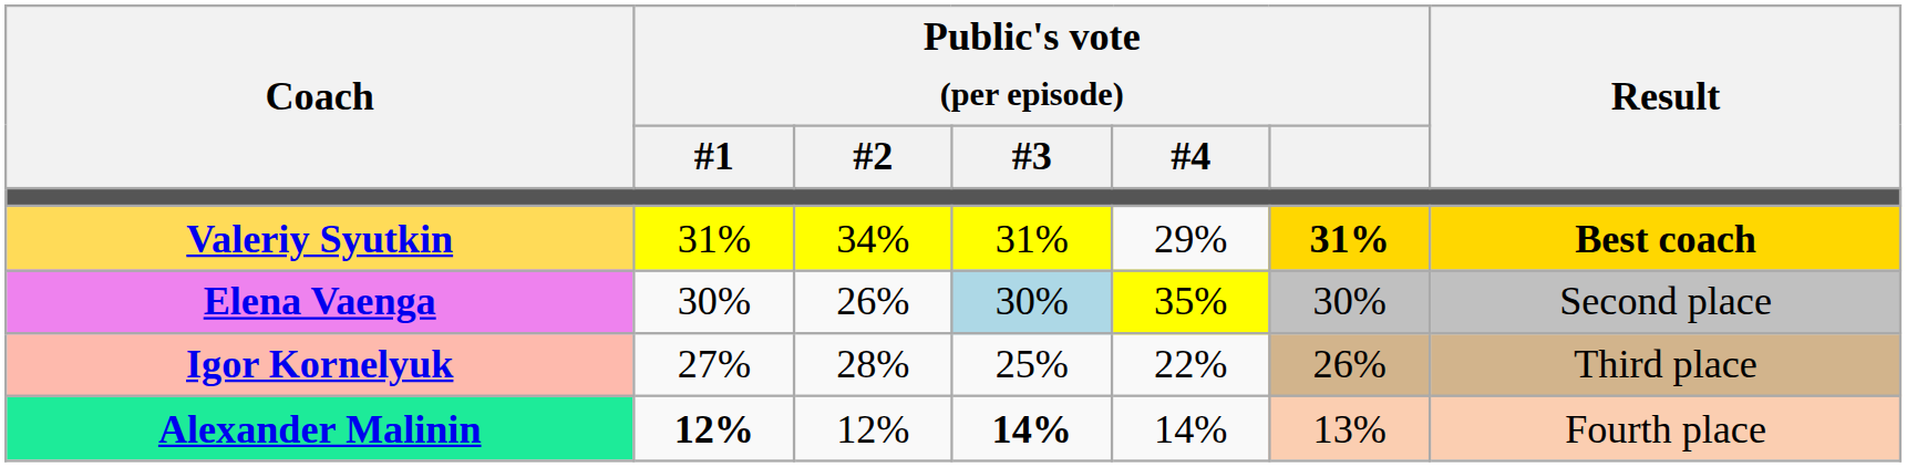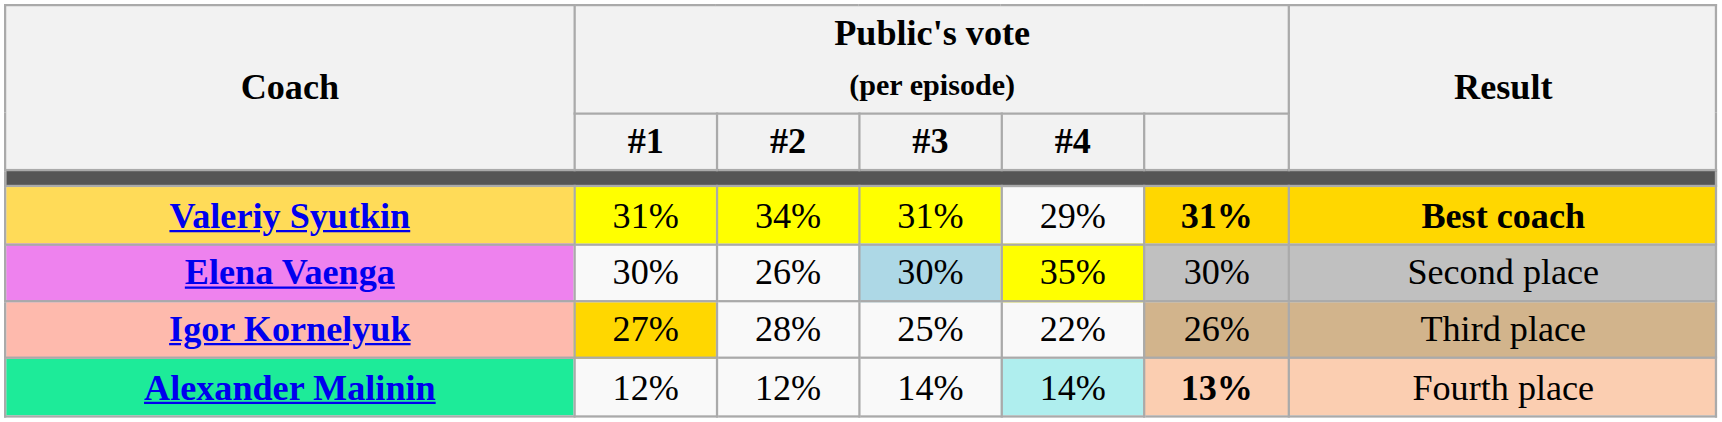 <table class="wikitable sortable" style="text-align:center; width:60%;">
 <tr>
 <th rowspan=2 style="width:20%;">Coach</th>
 <th colspan=5 style="width:20%;">Public's vote<br><sub>(per episode)</sub></th>
 <th rowspan=2 style="width:15%;">Result</th>
 </tr>
 <tr>
 <th style="width:5%;">#1</th>
 <th style="width:5%;">#2</th>
 <th style="width:5%;">#3</th>
 <th style="width:5%;">#4</th>
 <th style="width:5%;"></th>
 </tr>
 <tr>
 <td colspan="8" style="background:#555;"></td>
 </tr>
 <tr>
 <th style="background:#ffdb58"><a href='#'>Valeriy Syutkin</a></th>
 <td style="background:yellow;">31%</td>
 <td style="background:yellow;">34%</td>
 <td style="background:yellow;">31%</td>
 <td>29%</td>
 <td style="background:gold;"><strong>31%</strong></td>
 <td style="background:gold;"><strong>Best coach</strong></td>
 </tr>
 <tr>
 <th style="background:#EE82EE;"><a href='#'>Elena Vaenga</a></th>
 <td>30%</td>
 <td>26%</td>
 <td style="background: lightblue;">30%</td>
 <td style="background:yellow;">35%</td>
 <td style="background:silver;">30%</td>
 <td style="background:silver;">Second place</td>
 </tr>
 <tr>
 <th style="background:#febaad;"><a href='#'>Igor Kornelyuk</a></th>
-<td>27%</td>
+<td style="background: gold;">27%</td>
 <td>28%</td>
 <td>25%</td>
 <td>22%</td>
 <td style="background:tan;">26%</td>
 <td style="background:tan;">Third place</td>
 </tr>
 <tr>
 <th style="background:#1deb99;"><a href='#'>Alexander Malinin</a></th>
-<td><strong>12%</strong></td>
 <td>12%</td>
-<td><strong>14%</strong></td>
+<td>12%</td>
 <td>14%</td>
-<td style="background:#FBCEB1;">13%</td>
+<td style="background: paleturquoise;">14%</td>
+<td style="background:#FBCEB1;"><strong>13%</strong></td>
 <td style="background:#FBCEB1;">Fourth place</td>
 </tr>
 </table>
